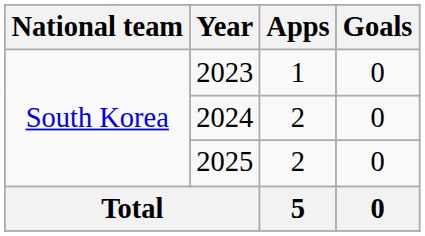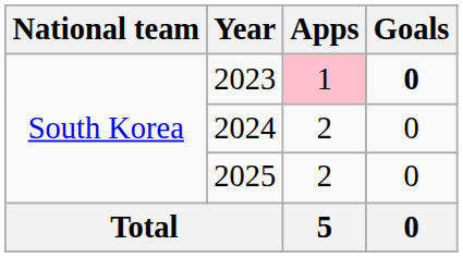 <table class="wikitable" style="text-align:center">
 <tr>
 <th>National team</th>
 <th>Year</th>
 <th>Apps</th>
 <th>Goals</th>
 </tr>
 <tr>
 <td rowspan="3"><a href='#'>South Korea</a></td>
 <td>2023</td>
-<td>1</td>
-<td>0</td>
+<td style="background: pink;">1</td>
+<td><strong>0</strong></td>
 </tr>
 <tr>
 <td>2024</td>
 <td>2</td>
 <td>0</td>
 </tr>
 <tr>
 <td>2025</td>
 <td>2</td>
 <td>0</td>
 </tr>
 <tr>
 <th colspan="2">Total</th>
 <th>5</th>
 <th>0</th>
 </tr>
 </table>
